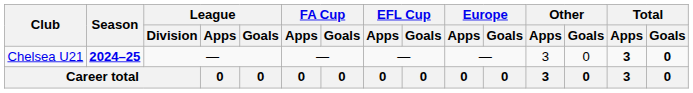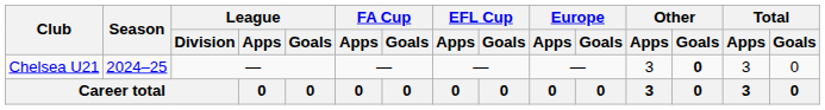 <table class=wikitable style=text-align:center>
 <tr>
 <th rowspan=2>Club</th>
 <th rowspan=2>Season</th>
 <th colspan=3>League</th>
 <th colspan=2><a href='#'>FA Cup</a></th>
 <th colspan=2><a href='#'>EFL Cup</a></th>
 <th colspan=2><a href='#'>Europe</a></th>
 <th colspan=2>Other</th>
 <th colspan=2>Total</th>
 </tr>
 <tr>
 <th>Division</th>
 <th>Apps</th>
 <th>Goals</th>
 <th>Apps</th>
 <th>Goals</th>
 <th>Apps</th>
 <th>Goals</th>
 <th>Apps</th>
 <th>Goals</th>
 <th>Apps</th>
 <th>Goals</th>
 <th>Apps</th>
 <th>Goals</th>
 </tr>
 <tr>
 <td><a href='#'>Chelsea U21</a></td>
-<td><strong><a href='#'>2024–25</a></strong></td>
+<td><a href='#'>2024–25</a></td>
 <td colspan=3>—</td>
 <td colspan=2>—</td>
 <td colspan=2>—</td>
 <td colspan=2>—</td>
 <td>3</td>
+<td><strong>0</strong></td>
+<td>3</td>
 <td>0</td>
-<td><strong>3</strong></td>
-<td><strong>0</strong></td>
 </tr>
 <tr>
 <th colspan=3>Career total</th>
 <th>0</th>
 <th>0</th>
 <th>0</th>
 <th>0</th>
 <th>0</th>
 <th>0</th>
 <th>0</th>
 <th>0</th>
 <th>3</th>
 <th>0</th>
 <th>3</th>
 <th>0</th>
 </tr>
 </table>
